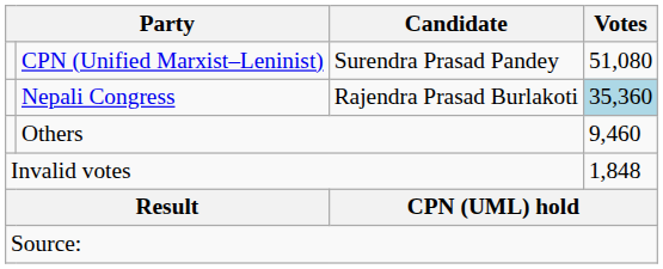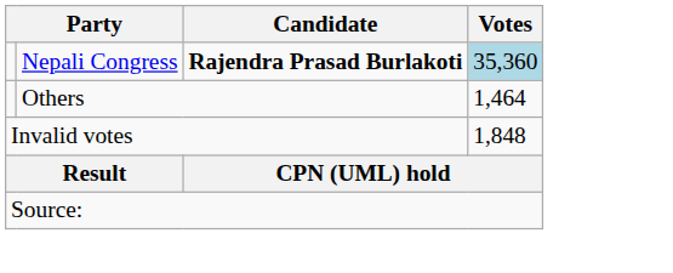 <table class="wikitable">
 <tr>
 <th colspan="2">Party</th>
 <th>Candidate</th>
 <th>Votes</th>
 </tr>
 <tr>
 <td style="background-color:"></td>
-<td><a href='#'>CPN (Unified Marxist–Leninist)</a></td>
-<td>Surendra Prasad Pandey</td>
-<td>51,080</td>
-</tr>
-<tr>
-<td style="background-color:"></td>
 <td><a href='#'>Nepali Congress</a></td>
-<td>Rajendra Prasad Burlakoti</td>
+<td><strong>Rajendra Prasad Burlakoti</strong></td>
 <td style="background: lightblue;">35,360</td>
 </tr>
 <tr>
 <td></td>
 <td colspan="2">Others</td>
-<td>9,460</td>
+<td>1,464</td>
 </tr>
 <tr>
 <td colspan="3">Invalid votes</td>
 <td>1,848</td>
 </tr>
 <tr>
 <th colspan="2">Result</th>
 <th colspan="2">CPN (UML) hold</th>
 </tr>
 <tr>
 <td colspan="4">Source: </td>
 </tr>
 </table>
